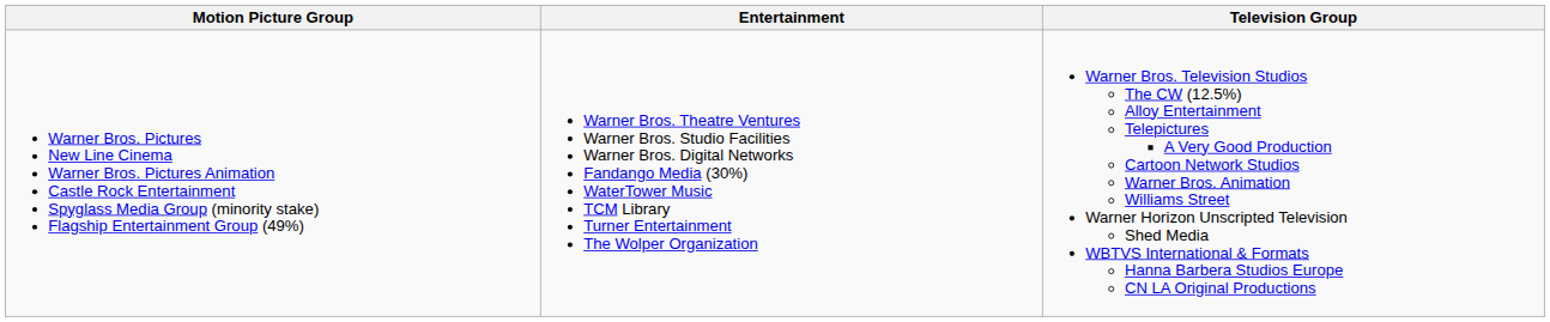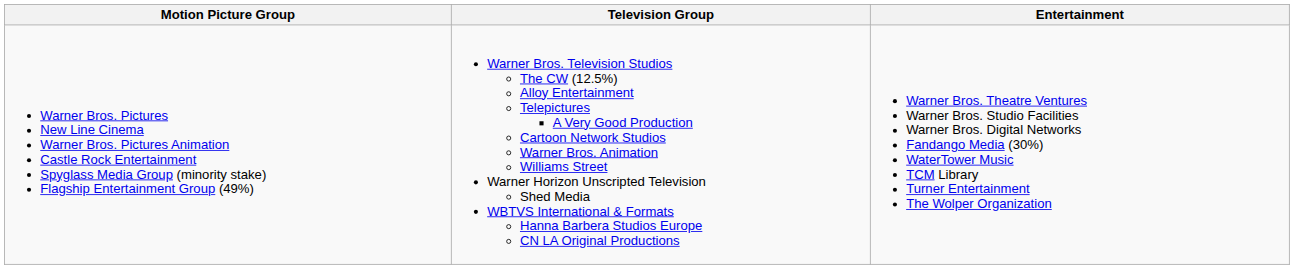 <table class="wikitable">
 <tr>
 <th style="text-align:center; width:16%;">Motion Picture Group</th>
+<th style="text-align:center; width:15%;">Television Group</th>
 <th style="text-align:center; width:15%;"><strong>Entertainment</strong></th>
-<th style="text-align:center; width:15%;">Television Group</th>
 </tr>
 <tr>
 <td><br><ul><li><a href='#'>Warner Bros. Pictures</a></li><li><a href='#'>New Line Cinema</a></li><li><a href='#'>Warner Bros. Pictures Animation</a></li><li><a href='#'>Castle Rock Entertainment</a></li><li><a href='#'>Spyglass Media Group</a> (minority stake)</li><li><a href='#'>Flagship Entertainment Group</a> (49%)</li></ul></td>
+<td><br><ul><li><a href='#'>Warner Bros. Television Studios</a><ul><li><a href='#'>The CW</a> (12.5%)</li><li><a href='#'>Alloy Entertainment</a></li><li><a href='#'>Telepictures</a><ul><li><a href='#'>A Very Good Production</a></li></ul></li><li><a href='#'>Cartoon Network Studios</a></li><li><a href='#'>Warner Bros. Animation</a></li><li><a href='#'>Williams Street</a></li></ul></li><li>Warner Horizon Unscripted Television<ul><li>Shed Media</li></ul></li><li><a href='#'>WBTVS International & Formats</a><ul><li><a href='#'>Hanna Barbera Studios Europe</a></li><li><a href='#'>CN LA Original Productions</a></li></ul></li></ul></td>
 <td><br><ul><li><a href='#'>Warner Bros. Theatre Ventures</a></li><li>Warner Bros. Studio Facilities</li><li>Warner Bros. Digital Networks</li><li><a href='#'>Fandango Media</a> (30%)</li><li><a href='#'>WaterTower Music</a></li><li><a href='#'>TCM</a> Library</li><li><a href='#'>Turner Entertainment</a></li><li><a href='#'>The Wolper Organization</a></li></ul></td>
-<td><br><ul><li><a href='#'>Warner Bros. Television Studios</a><ul><li><a href='#'>The CW</a> (12.5%)</li><li><a href='#'>Alloy Entertainment</a></li><li><a href='#'>Telepictures</a><ul><li><a href='#'>A Very Good Production</a></li></ul></li><li><a href='#'>Cartoon Network Studios</a></li><li><a href='#'>Warner Bros. Animation</a></li><li><a href='#'>Williams Street</a></li></ul></li><li>Warner Horizon Unscripted Television<ul><li>Shed Media</li></ul></li><li><a href='#'>WBTVS International & Formats</a><ul><li><a href='#'>Hanna Barbera Studios Europe</a></li><li><a href='#'>CN LA Original Productions</a></li></ul></li></ul></td>
 </tr>
 </table>
